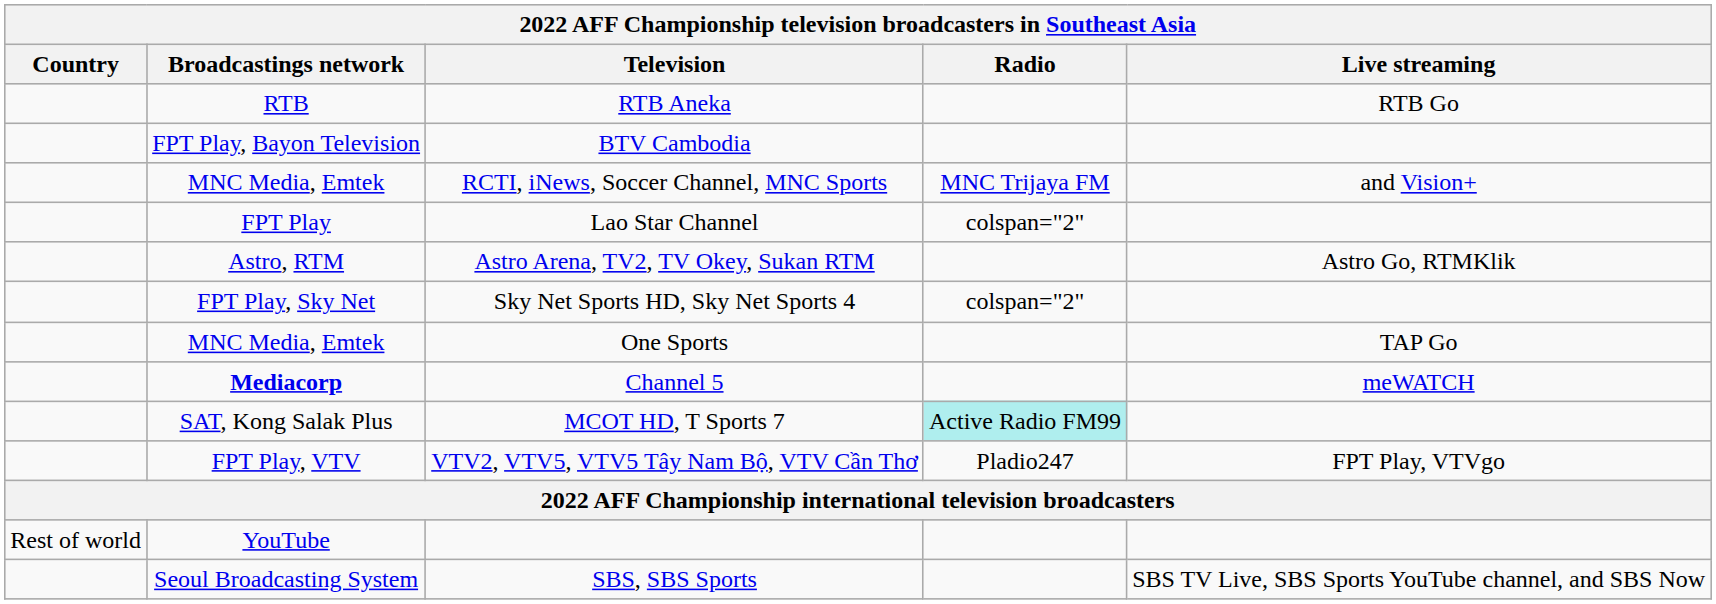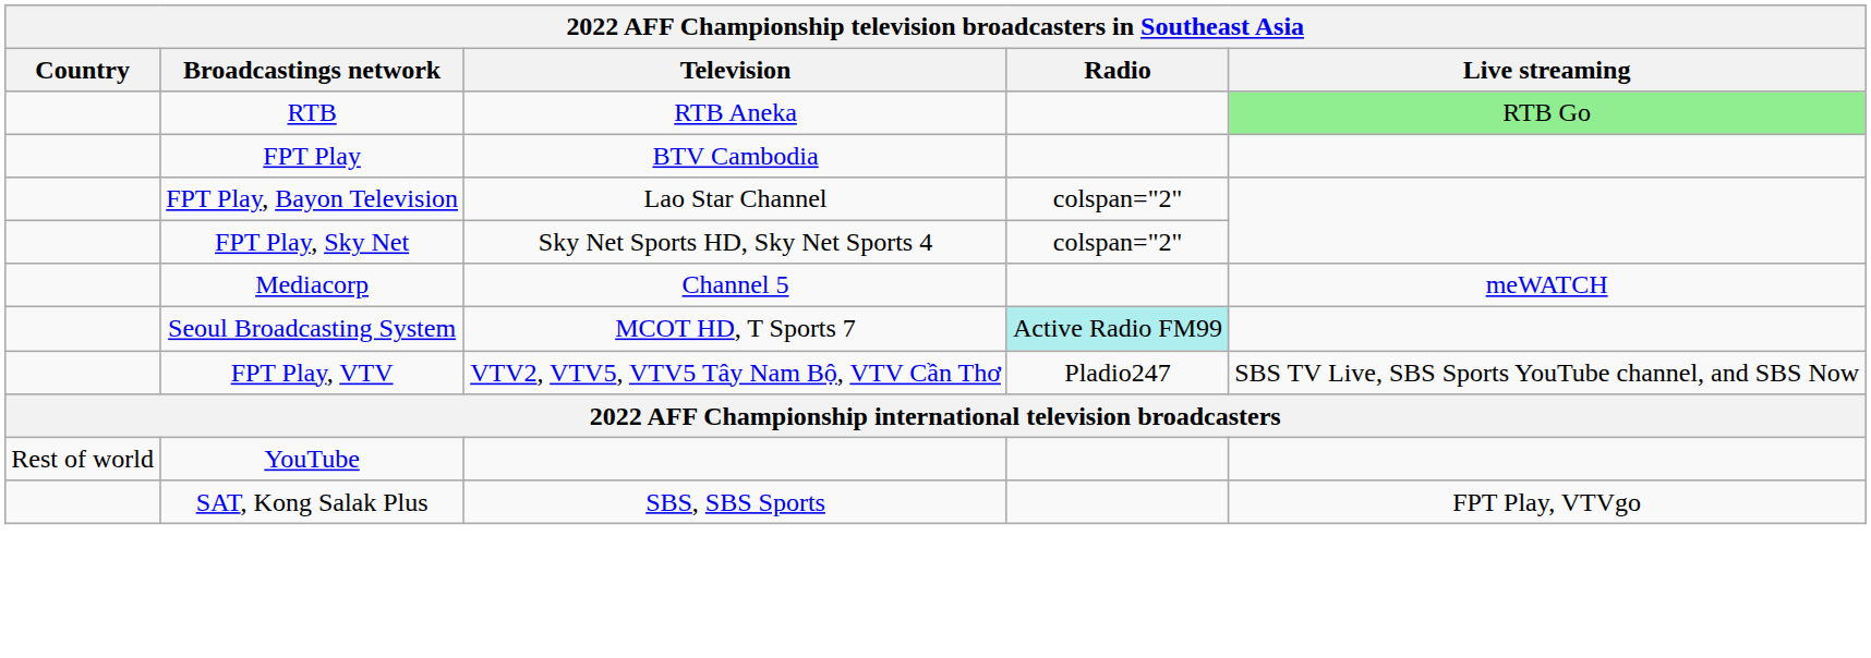 <table class="wikitable" style="font-size:95%; text-align:center;">
 <tr>
 <th colspan="5">2022 AFF Championship television broadcasters in <a href='#'>Southeast Asia</a></th>
 </tr>
 <tr>
 <th>Country</th>
 <th>Broadcastings network</th>
 <th>Television</th>
 <th>Radio</th>
 <th>Live streaming</th>
 </tr>
 <tr>
 <td align="left"></td>
 <td><a href='#'>RTB</a></td>
 <td><a href='#'>RTB Aneka</a></td>
 <td></td>
-<td>RTB Go</td>
+<td style="background: lightgreen;">RTB Go</td>
 </tr>
 <tr>
 <td align="left"></td>
-<td><a href='#'>FPT Play</a>, <a href='#'>Bayon Television</a></td>
+<td><a href='#'>FPT Play</a></td>
 <td><a href='#'>BTV Cambodia</a></td>
 <td></td>
 <td></td>
 </tr>
 <tr>
 <td align="left"></td>
-<td><a href='#'>MNC Media</a>, <a href='#'>Emtek</a></td>
-<td><a href='#'>RCTI</a>, <a href='#'>iNews</a>, Soccer Channel, <a href='#'>MNC Sports</a></td>
-<td><a href='#'>MNC Trijaya FM</a></td>
-<td> and <a href='#'>Vision+</a></td>
-</tr>
-<tr>
-<td align="left"></td>
-<td><a href='#'>FPT Play</a></td>
+<td><a href='#'>FPT Play</a>, <a href='#'>Bayon Television</a></td>
 <td>Lao Star Channel</td>
 <td>colspan="2" </td>
-</tr>
-<tr>
-<td align="left"></td>
-<td><a href='#'>Astro</a>, <a href='#'>RTM</a></td>
-<td><a href='#'>Astro Arena</a>, <a href='#'>TV2</a>, <a href='#'>TV Okey</a>, <a href='#'>Sukan RTM</a></td>
-<td></td>
-<td>Astro Go, RTMKlik</td>
 </tr>
 <tr>
 <td align="left"></td>
 <td><a href='#'>FPT Play</a>, <a href='#'>Sky Net</a></td>
 <td>Sky Net Sports HD, Sky Net Sports 4</td>
 <td>colspan="2" </td>
 </tr>
 <tr>
 <td align="left"></td>
-<td><a href='#'>MNC Media</a>, <a href='#'>Emtek</a></td>
-<td>One Sports</td>
-<td></td>
-<td>TAP Go</td>
-</tr>
-<tr>
-<td align="left"></td>
-<td><strong><a href='#'>Mediacorp</a></strong></td>
+<td><a href='#'>Mediacorp</a></td>
 <td><a href='#'>Channel 5</a></td>
 <td></td>
 <td><a href='#'>meWATCH</a></td>
 </tr>
 <tr>
 <td align="left"></td>
-<td><a href='#'>SAT</a>, Kong Salak Plus</td>
+<td><a href='#'>Seoul Broadcasting System</a></td>
 <td><a href='#'>MCOT HD</a>, T Sports 7</td>
 <td style="background: paleturquoise;">Active Radio FM99</td>
 <td></td>
 </tr>
 <tr>
 <td align="left"></td>
 <td><a href='#'>FPT Play</a>, <a href='#'>VTV</a></td>
 <td><a href='#'>VTV2</a>, <a href='#'>VTV5</a>, <a href='#'>VTV5 Tây Nam Bộ</a>, <a href='#'>VTV Cần Thơ</a></td>
 <td>Pladio247</td>
-<td>FPT Play, VTVgo</td>
+<td>SBS TV Live, SBS Sports YouTube channel, and SBS Now</td>
 </tr>
 <tr>
 <th colspan="5">2022 AFF Championship international television broadcasters</th>
 </tr>
 <tr>
 <td style="text-align:left">Rest of world</td>
 <td><a href='#'>YouTube</a></td>
 <td></td>
 <td></td>
 <td></td>
 </tr>
 <tr>
 <td style="text-align:left"></td>
-<td><a href='#'>Seoul Broadcasting System</a></td>
+<td><a href='#'>SAT</a>, Kong Salak Plus</td>
 <td><a href='#'>SBS</a>, <a href='#'>SBS Sports</a></td>
 <td></td>
-<td>SBS TV Live, SBS Sports YouTube channel, and SBS Now</td>
+<td>FPT Play, VTVgo</td>
 </tr>
 </table>
